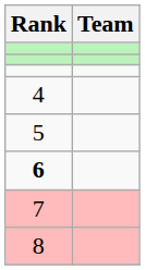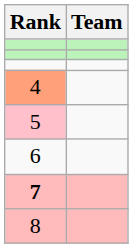 <table class=wikitable style="text-align:center;">
 <tr>
 <th>Rank</th>
 <th>Team</th>
 </tr>
 <tr bgcolor=bbf3bb>
 <td></td>
 <td align=left></td>
 </tr>
 <tr bgcolor=bbf3bb>
 <td></td>
 <td align=left></td>
 </tr>
 <tr>
 <td></td>
 <td align=left></td>
 </tr>
 <tr>
-<td>4</td>
+<td style="background: lightsalmon;">4</td>
 <td align=left></td>
 </tr>
 <tr>
-<td>5</td>
+<td style="background: pink;">5</td>
 <td align=left></td>
 </tr>
 <tr>
-<td><strong>6</strong></td>
+<td>6</td>
 <td align=left></td>
 </tr>
 <tr bgcolor=ffbbbb>
-<td>7</td>
+<td><strong>7</strong></td>
 <td align=left></td>
 </tr>
 <tr bgcolor=ffbbbb>
 <td>8</td>
 <td align=left></td>
 </tr>
 </table>
